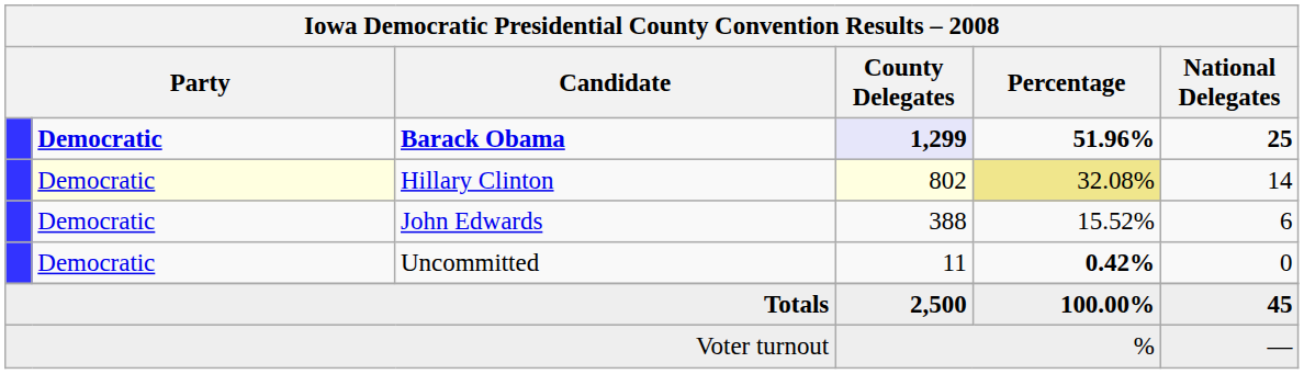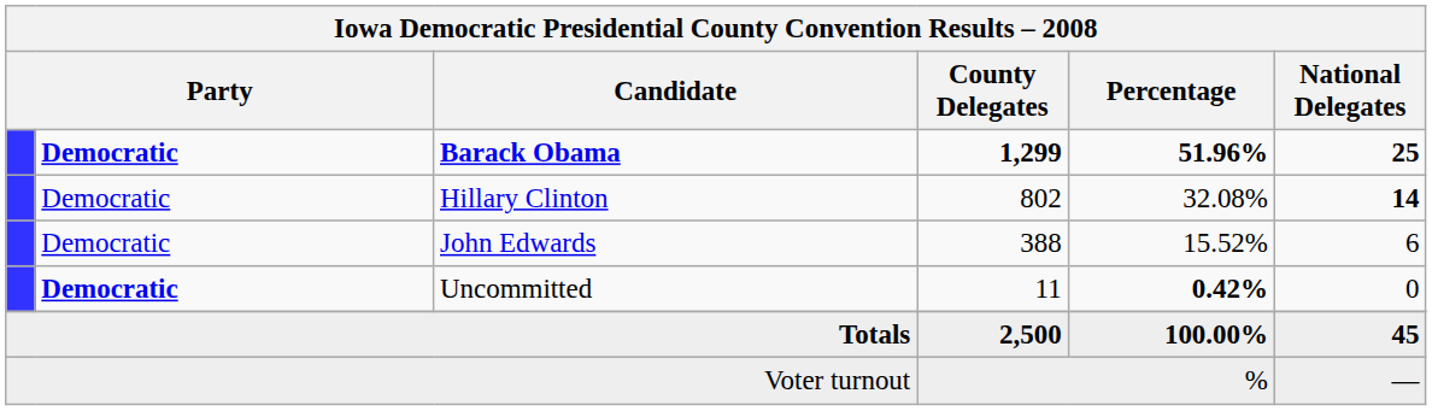 <table class="wikitable" style="font-size: 95%;">
 <tr>
 <th colspan="7">Iowa Democratic Presidential County Convention Results – 2008</th>
 </tr>
 <tr>
 <th colspan="2" style="width: 15em">Party</th>
 <th style="width: 17em">Candidate</th>
 <th style="width: 5em">County Delegates</th>
 <th style="width: 7em">Percentage</th>
 <th style="width: 5em">National Delegates</th>
 </tr>
 <tr>
 <th style="background-color:#3333FF; width: 3px"></th>
 <td style="width: 130px"><strong><a href='#'>Democratic</a></strong></td>
 <td><strong><a href='#'>Barack Obama</a></strong></td>
-<td align="right" style="background: lavender;"><strong>1,299</strong></td>
+<td align="right"><strong>1,299</strong></td>
 <td align="right"><strong>51.96%</strong></td>
 <td align="right"><strong>25</strong></td>
 </tr>
 <tr>
 <th style="background-color:#3333FF; width: 3px"></th>
-<td style="background: lightyellow; width: 130px"><a href='#'>Democratic</a></td>
+<td style="width: 130px"><a href='#'>Democratic</a></td>
 <td><a href='#'>Hillary Clinton</a></td>
-<td align="right" style="background: lightyellow;">802</td>
-<td align="right" style="background: khaki;">32.08%</td>
-<td align="right">14</td>
+<td align="right">802</td>
+<td align="right">32.08%</td>
+<td align="right"><strong>14</strong></td>
 </tr>
 <tr>
 <th style="background-color:#3333FF; width: 3px"></th>
 <td style="width: 130px"><a href='#'>Democratic</a></td>
 <td><a href='#'>John Edwards</a></td>
 <td align="right">388</td>
 <td align="right">15.52%</td>
 <td align="right">6</td>
 </tr>
 <tr>
 <th style="background-color:#3333FF; width: 3px"></th>
-<td style="width: 130px"><a href='#'>Democratic</a></td>
+<td style="width: 130px"><strong><a href='#'>Democratic</a></strong></td>
 <td>Uncommitted</td>
 <td align="right">11</td>
 <td align="right"><strong>0.42%</strong></td>
 <td align="right">0</td>
 </tr>
 <tr>
 </tr>
 <tr bgcolor="#EEEEEE">
 <td colspan="3" align="right"><strong>Totals</strong></td>
 <td align="right"><strong>2,500</strong></td>
 <td align="right"><strong>100.00%</strong></td>
 <td align="right"><strong>45</strong></td>
 </tr>
 <tr bgcolor="#EEEEEE">
 <td colspan="3" align="right">Voter turnout</td>
 <td colspan="2" align="right">%</td>
 <td align="right">—</td>
 </tr>
 </table>
